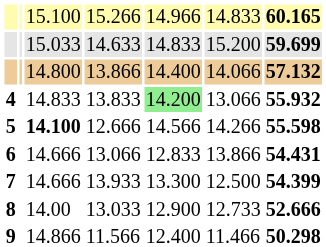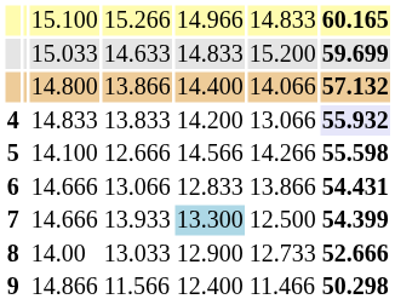 <table>
 <tr style="background:#fffcaf;">
 <th scope=row style="text-align:center"></th>
 <td align=left></td>
 <td>15.100</td>
 <td>15.266</td>
 <td>14.966</td>
 <td>14.833</td>
 <td><strong>60.165</strong></td>
 </tr>
 <tr style="background:#e5e5e5;">
 <th scope=row style="text-align:center"></th>
 <td align=left></td>
 <td>15.033</td>
 <td>14.633</td>
 <td>14.833</td>
 <td>15.200</td>
 <td><strong>59.699</strong></td>
 </tr>
 <tr style="background:#ec9;">
 <th scope=row style="text-align:center"></th>
 <td align=left></td>
 <td>14.800</td>
 <td>13.866</td>
 <td>14.400</td>
 <td>14.066</td>
 <td><strong>57.132</strong></td>
 </tr>
 <tr>
 <th scope=row style="text-align:center">4</th>
 <td align=left></td>
 <td>14.833</td>
 <td>13.833</td>
-<td style="background: lightgreen;">14.200</td>
+<td>14.200</td>
 <td>13.066</td>
-<td><strong>55.932</strong></td>
+<td style="background: lavender;"><strong>55.932</strong></td>
 </tr>
 <tr>
 <th scope=row style="text-align:center">5</th>
 <td align=left></td>
-<td><strong>14.100</strong></td>
+<td>14.100</td>
 <td>12.666</td>
 <td>14.566</td>
 <td>14.266</td>
 <td><strong>55.598</strong></td>
 </tr>
 <tr>
 <th scope=row style="text-align:center">6</th>
 <td align=left></td>
 <td>14.666</td>
 <td>13.066</td>
 <td>12.833</td>
 <td>13.866</td>
 <td><strong>54.431</strong></td>
 </tr>
 <tr>
 <th scope=row style="text-align:center">7</th>
 <td align=left></td>
 <td>14.666</td>
 <td>13.933</td>
-<td>13.300</td>
+<td style="background: lightblue;">13.300</td>
 <td>12.500</td>
 <td><strong>54.399</strong></td>
 </tr>
 <tr>
 <th scope=row style="text-align:center">8</th>
 <td align=left></td>
 <td>14.00</td>
 <td>13.033</td>
 <td>12.900</td>
 <td>12.733</td>
 <td><strong>52.666</strong></td>
 </tr>
 <tr>
 <th scope=row style="text-align:center">9</th>
 <td align=left></td>
 <td>14.866</td>
 <td>11.566</td>
 <td>12.400</td>
 <td>11.466</td>
 <td><strong>50.298</strong></td>
 </tr>
 </table>
